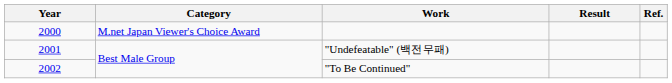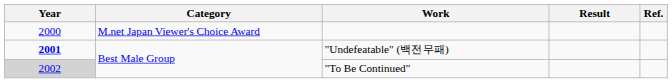 <table | width="75%" class="wikitable sortable">
 <tr>
 <th width="10%">Year</th>
 <th width="25%">Category</th>
 <th width="25%">Work</th>
 <th width="10%">Result</th>
 <th width="1%">Ref.</th>
 </tr>
 <tr>
 <td align=center><a href='#'>2000</a></td>
 <td><a href='#'>M.net Japan Viewer's Choice Award</a></td>
 <td></td>
 <td></td>
 <td></td>
 </tr>
 <tr>
-<td align=center><a href='#'>2001</a></td>
+<td align=center><strong><a href='#'>2001</a></strong></td>
 <td rowspan=2><a href='#'>Best Male Group</a></td>
 <td>"Undefeatable" (백전무패)</td>
 <td></td>
 <td></td>
 </tr>
 <tr>
-<td align=center><a href='#'>2002</a></td>
+<td align=center style="background: lightgrey;"><a href='#'>2002</a></td>
 <td>"To Be Continued"</td>
 <td></td>
 <td></td>
 </tr>
 </table>
